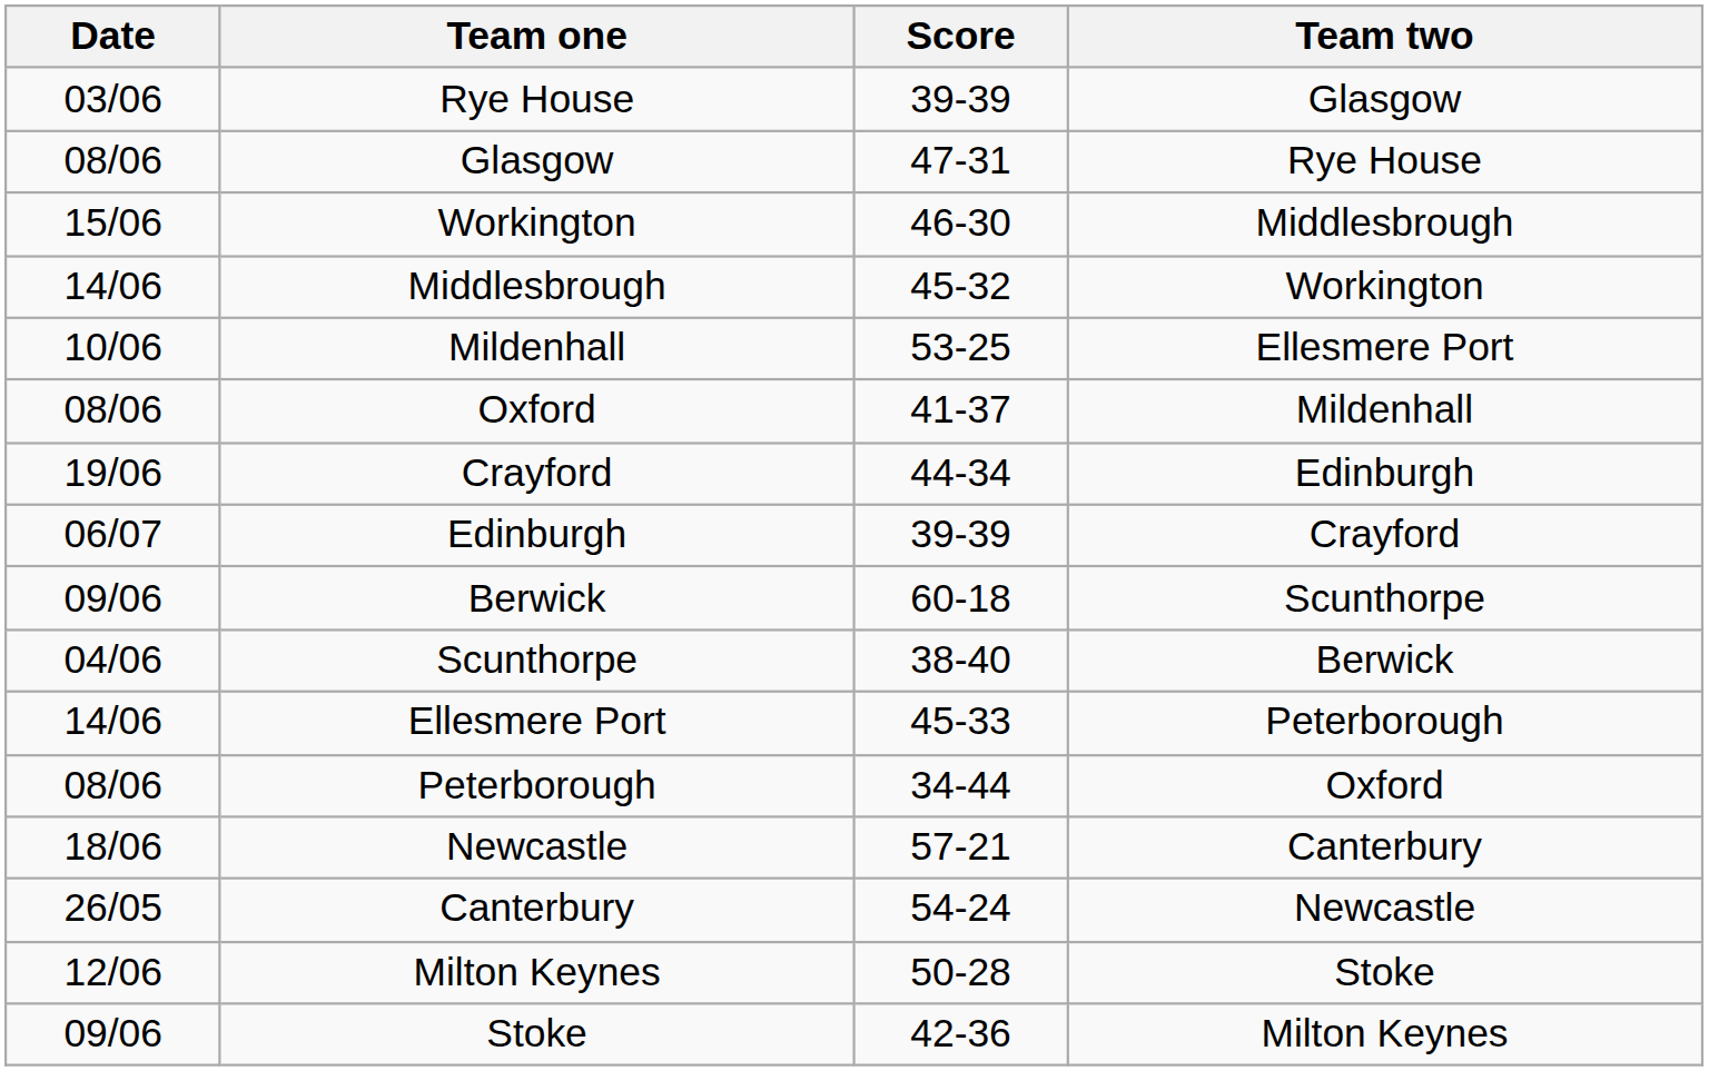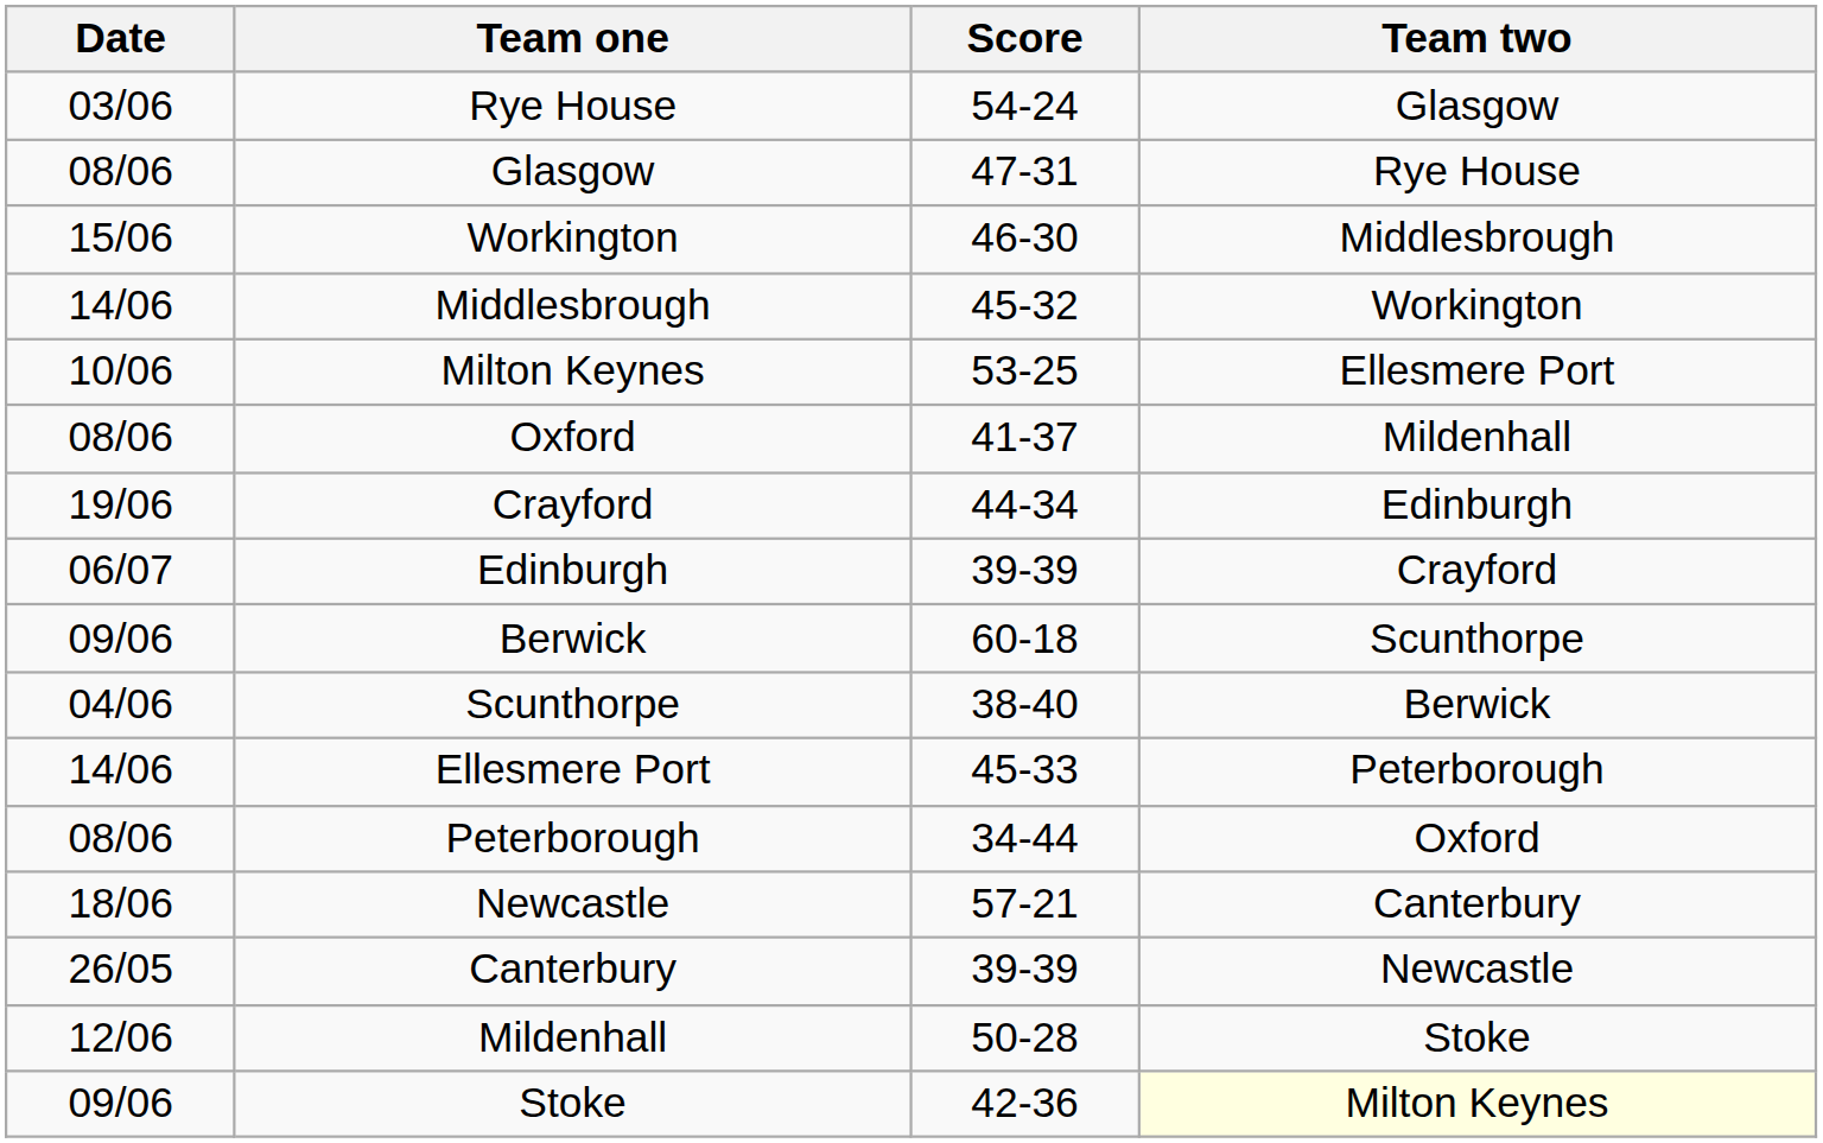 <table class="wikitable" style="text-align: center">
 <tr>
 <th width=80>Date</th>
 <th width=250>Team one</th>
 <th width=80>Score</th>
 <th width=250>Team two</th>
 </tr>
 <tr>
 <td>03/06</td>
 <td>Rye House</td>
-<td>39-39</td>
+<td>54-24</td>
 <td>Glasgow</td>
 </tr>
 <tr>
 <td>08/06</td>
 <td>Glasgow</td>
 <td>47-31</td>
 <td>Rye House</td>
 </tr>
 <tr>
 <td>15/06</td>
 <td>Workington</td>
 <td>46-30</td>
 <td>Middlesbrough</td>
 </tr>
 <tr>
 <td>14/06</td>
 <td>Middlesbrough</td>
 <td>45-32</td>
 <td>Workington</td>
 </tr>
 <tr>
 <td>10/06</td>
-<td>Mildenhall</td>
+<td>Milton Keynes</td>
 <td>53-25</td>
 <td>Ellesmere Port</td>
 </tr>
 <tr>
 <td>08/06</td>
 <td>Oxford</td>
 <td>41-37</td>
 <td>Mildenhall</td>
 </tr>
 <tr>
 <td>19/06</td>
 <td>Crayford</td>
 <td>44-34</td>
 <td>Edinburgh</td>
 </tr>
 <tr>
 <td>06/07</td>
 <td>Edinburgh</td>
 <td>39-39</td>
 <td>Crayford</td>
 </tr>
 <tr>
 <td>09/06</td>
 <td>Berwick</td>
 <td>60-18</td>
 <td>Scunthorpe</td>
 </tr>
 <tr>
 <td>04/06</td>
 <td>Scunthorpe</td>
 <td>38-40</td>
 <td>Berwick</td>
 </tr>
 <tr>
 <td>14/06</td>
 <td>Ellesmere Port</td>
 <td>45-33</td>
 <td>Peterborough</td>
 </tr>
 <tr>
 <td>08/06</td>
 <td>Peterborough</td>
 <td>34-44</td>
 <td>Oxford</td>
 </tr>
 <tr>
 <td>18/06</td>
 <td>Newcastle</td>
 <td>57-21</td>
 <td>Canterbury</td>
 </tr>
 <tr>
 <td>26/05</td>
 <td>Canterbury</td>
-<td>54-24</td>
+<td>39-39</td>
 <td>Newcastle</td>
 </tr>
 <tr>
 <td>12/06</td>
-<td>Milton Keynes</td>
+<td>Mildenhall</td>
 <td>50-28</td>
 <td>Stoke</td>
 </tr>
 <tr>
 <td>09/06</td>
 <td>Stoke</td>
 <td>42-36</td>
-<td>Milton Keynes</td>
+<td style="background: lightyellow;">Milton Keynes</td>
 </tr>
 </table>
